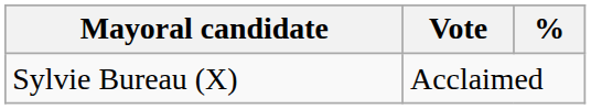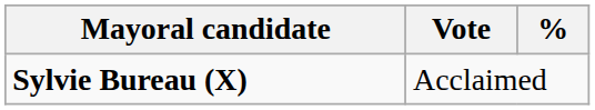 <table class="wikitable">
 <tr>
 <th bgcolor="#DDDDFF" width="200px">Mayoral candidate</th>
 <th bgcolor="#DDDDFF" width="50px">Vote</th>
 <th bgcolor="#DDDDFF"  width="30px">%</th>
 </tr>
 <tr>
-<td>Sylvie Bureau (X)</td>
+<td><strong>Sylvie Bureau (X)</strong></td>
 <td colspan="2">Acclaimed</td>
 </tr>
 </table>
